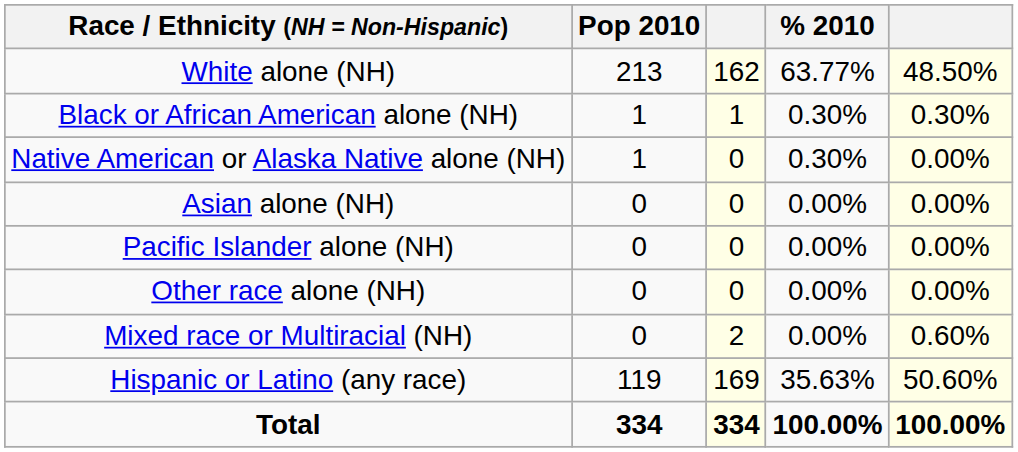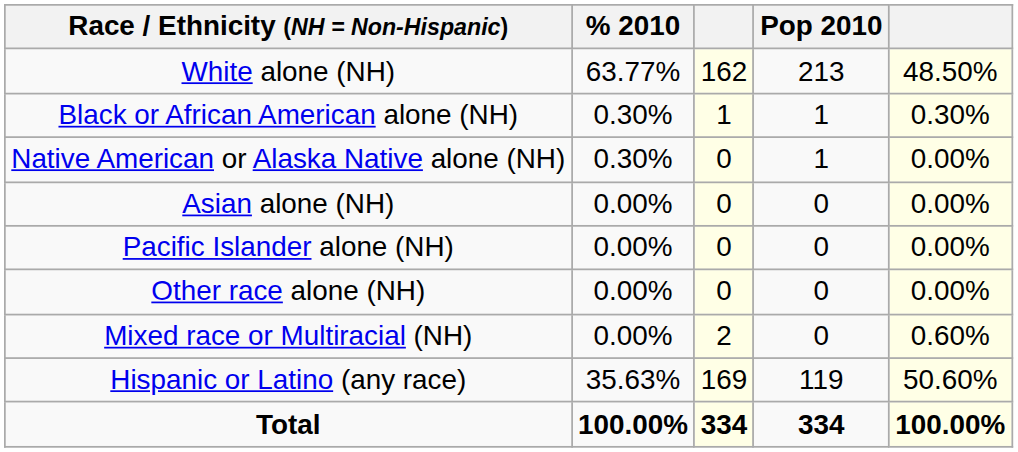 <table class="wikitable" style="text-align:center;">
 <tr>
 <th>Race / Ethnicity <small>(<em>NH = Non-Hispanic</em>)</small></th>
+<th>% 2010</th>
+<th></th>
 <th>Pop 2010</th>
-<th></th>
-<th>% 2010</th>
 <th></th>
 </tr>
 <tr>
 <td><a href='#'>White</a> alone (NH)</td>
+<td>63.77%</td>
+<td style='background: #ffffe6;'>162</td>
 <td>213</td>
-<td style='background: #ffffe6;'>162</td>
-<td>63.77%</td>
 <td style='background: #ffffe6;'>48.50%</td>
 </tr>
 <tr>
 <td><a href='#'>Black or African American</a> alone (NH)</td>
+<td>0.30%</td>
+<td style='background: #ffffe6;'>1</td>
 <td>1</td>
-<td style='background: #ffffe6;'>1</td>
-<td>0.30%</td>
 <td style='background: #ffffe6;'>0.30%</td>
 </tr>
 <tr>
 <td><a href='#'>Native American</a> or <a href='#'>Alaska Native</a> alone (NH)</td>
+<td>0.30%</td>
+<td style='background: #ffffe6;'>0</td>
 <td>1</td>
-<td style='background: #ffffe6;'>0</td>
-<td>0.30%</td>
 <td style='background: #ffffe6;'>0.00%</td>
 </tr>
 <tr>
 <td><a href='#'>Asian</a> alone (NH)</td>
+<td>0.00%</td>
+<td style='background: #ffffe6;'>0</td>
 <td>0</td>
-<td style='background: #ffffe6;'>0</td>
-<td>0.00%</td>
 <td style='background: #ffffe6;'>0.00%</td>
 </tr>
 <tr>
 <td><a href='#'>Pacific Islander</a> alone (NH)</td>
+<td>0.00%</td>
+<td style='background: #ffffe6;'>0</td>
 <td>0</td>
-<td style='background: #ffffe6;'>0</td>
-<td>0.00%</td>
 <td style='background: #ffffe6;'>0.00%</td>
 </tr>
 <tr>
 <td><a href='#'>Other race</a> alone (NH)</td>
+<td>0.00%</td>
+<td style='background: #ffffe6;'>0</td>
 <td>0</td>
-<td style='background: #ffffe6;'>0</td>
-<td>0.00%</td>
 <td style='background: #ffffe6;'>0.00%</td>
 </tr>
 <tr>
 <td><a href='#'>Mixed race or Multiracial</a> (NH)</td>
+<td>0.00%</td>
+<td style='background: #ffffe6;'>2</td>
 <td>0</td>
-<td style='background: #ffffe6;'>2</td>
-<td>0.00%</td>
 <td style='background: #ffffe6;'>0.60%</td>
 </tr>
 <tr>
 <td><a href='#'>Hispanic or Latino</a> (any race)</td>
+<td>35.63%</td>
+<td style='background: #ffffe6;'>169</td>
 <td>119</td>
-<td style='background: #ffffe6;'>169</td>
-<td>35.63%</td>
 <td style='background: #ffffe6;'>50.60%</td>
 </tr>
 <tr>
 <td><strong>Total</strong></td>
+<td><strong>100.00%</strong></td>
+<td style='background: #ffffe6;'><strong>334</strong></td>
 <td><strong>334</strong></td>
-<td style='background: #ffffe6;'><strong>334</strong></td>
-<td><strong>100.00%</strong></td>
 <td style='background: #ffffe6;'><strong>100.00%</strong></td>
 </tr>
 </table>
